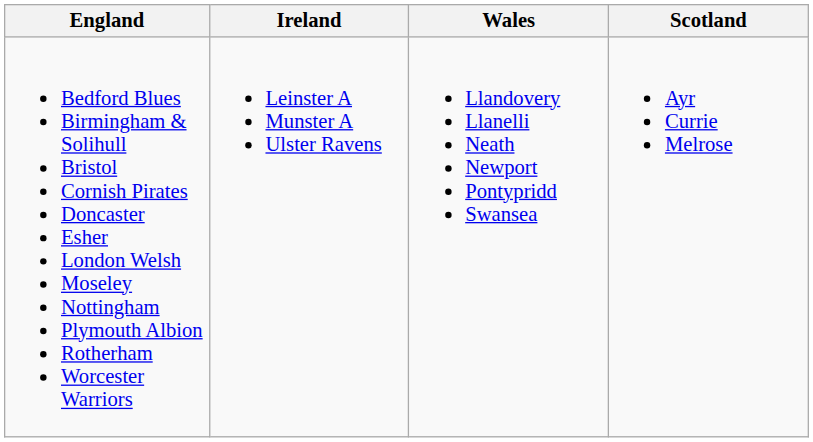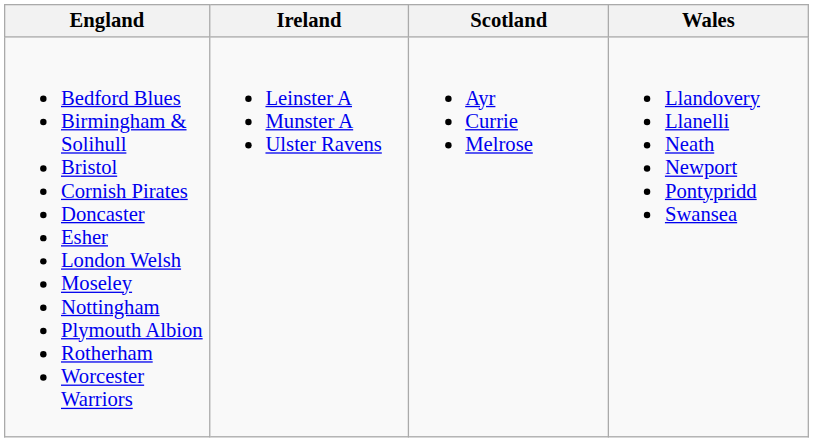 <table class="wikitable" style="width:100%;">
 <tr>
 <th width=20%> England</th>
 <th width=20%> Ireland</th>
+<th width=20%> Scotland</th>
 <th width=20%> Wales</th>
-<th width=20%> Scotland</th>
 </tr>
 <tr valign=top>
 <td><br><ul><li><a href='#'>Bedford Blues</a></li><li><a href='#'>Birmingham & Solihull</a></li><li><a href='#'>Bristol</a></li><li><a href='#'>Cornish Pirates</a></li><li><a href='#'>Doncaster</a></li><li><a href='#'>Esher</a></li><li><a href='#'>London Welsh</a></li><li><a href='#'>Moseley</a></li><li><a href='#'>Nottingham</a></li><li><a href='#'>Plymouth Albion</a></li><li><a href='#'>Rotherham</a></li><li><a href='#'>Worcester Warriors</a></li></ul></td>
 <td><br><ul><li><a href='#'>Leinster A</a></li><li><a href='#'>Munster A</a></li><li><a href='#'>Ulster Ravens</a></li></ul></td>
+<td><br><ul><li><a href='#'>Ayr</a></li><li><a href='#'>Currie</a></li><li><a href='#'>Melrose</a></li></ul></td>
 <td><br><ul><li><a href='#'>Llandovery</a></li><li><a href='#'>Llanelli</a></li><li><a href='#'>Neath</a></li><li><a href='#'>Newport</a></li><li><a href='#'>Pontypridd</a></li><li><a href='#'>Swansea</a></li></ul></td>
-<td><br><ul><li><a href='#'>Ayr</a></li><li><a href='#'>Currie</a></li><li><a href='#'>Melrose</a></li></ul></td>
 </tr>
 </table>
